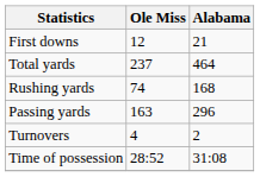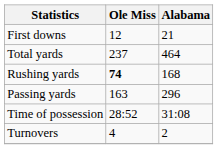 <table class="wikitable" style="float: left;">
 <tr>
 <th>Statistics</th>
 <th style=>Ole Miss</th>
 <th>Alabama</th>
 </tr>
 <tr>
 <td>First downs</td>
 <td>12</td>
 <td>21</td>
 </tr>
 <tr>
 <td>Total yards</td>
 <td>237</td>
 <td>464</td>
 </tr>
 <tr>
 <td>Rushing yards</td>
-<td>74</td>
+<td><strong>74</strong></td>
 <td>168</td>
 </tr>
 <tr>
 <td>Passing yards</td>
 <td>163</td>
 <td>296</td>
 </tr>
 <tr>
+<td>Time of possession</td>
+<td>28:52</td>
+<td>31:08</td>
+</tr>
+<tr>
 <td>Turnovers</td>
 <td>4</td>
 <td>2</td>
 </tr>
 <tr>
-<td>Time of possession</td>
-<td>28:52</td>
-<td>31:08</td>
-</tr>
-<tr>
 </tr>
 </table>
